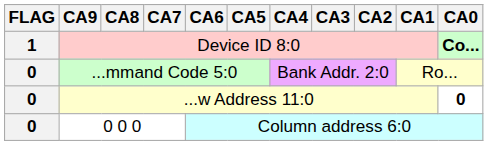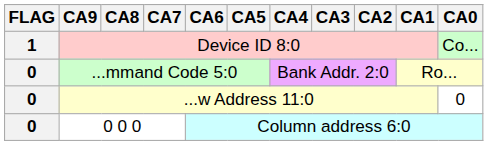 <table class="wikitable" style="text-align:center">
 <tr>
 <th>FLAG</th>
 <th>CA9</th>
 <th>CA8</th>
 <th>CA7</th>
 <th>CA6</th>
 <th>CA5</th>
 <th>CA4</th>
 <th>CA3</th>
 <th>CA2</th>
 <th>CA1</th>
 <th>CA0</th>
 </tr>
 <tr>
 <th>1</th>
 <td colspan="9" bgcolor="#FFCCCC">Device ID 8:0</td>
-<td bgcolor="#CCFFCC"><strong>Co...</strong></td>
+<td bgcolor="#CCFFCC">Co...</td>
 </tr>
 <tr>
 <th>0</th>
 <td colspan="5" bgcolor="#ccffcc">...mmand Code 5:0</td>
 <td colspan="3" bgcolor="#eeAAff">Bank Addr. 2:0</td>
 <td colspan="2" bgcolor="#ffffcc">Ro...</td>
 </tr>
 <tr>
 <th>0</th>
 <td colspan=9 bgcolor=#ffffcc>...w Address 11:0</td>
-<td bgcolor=white><strong>0</strong></td>
+<td bgcolor=white>0</td>
 </tr>
 <tr>
 <th>0</th>
 <td colspan="3" bgcolor="white">0 0 0</td>
 <td colspan="7" bgcolor="#ccffff">Column address 6:0</td>
 </tr>
 </table>
